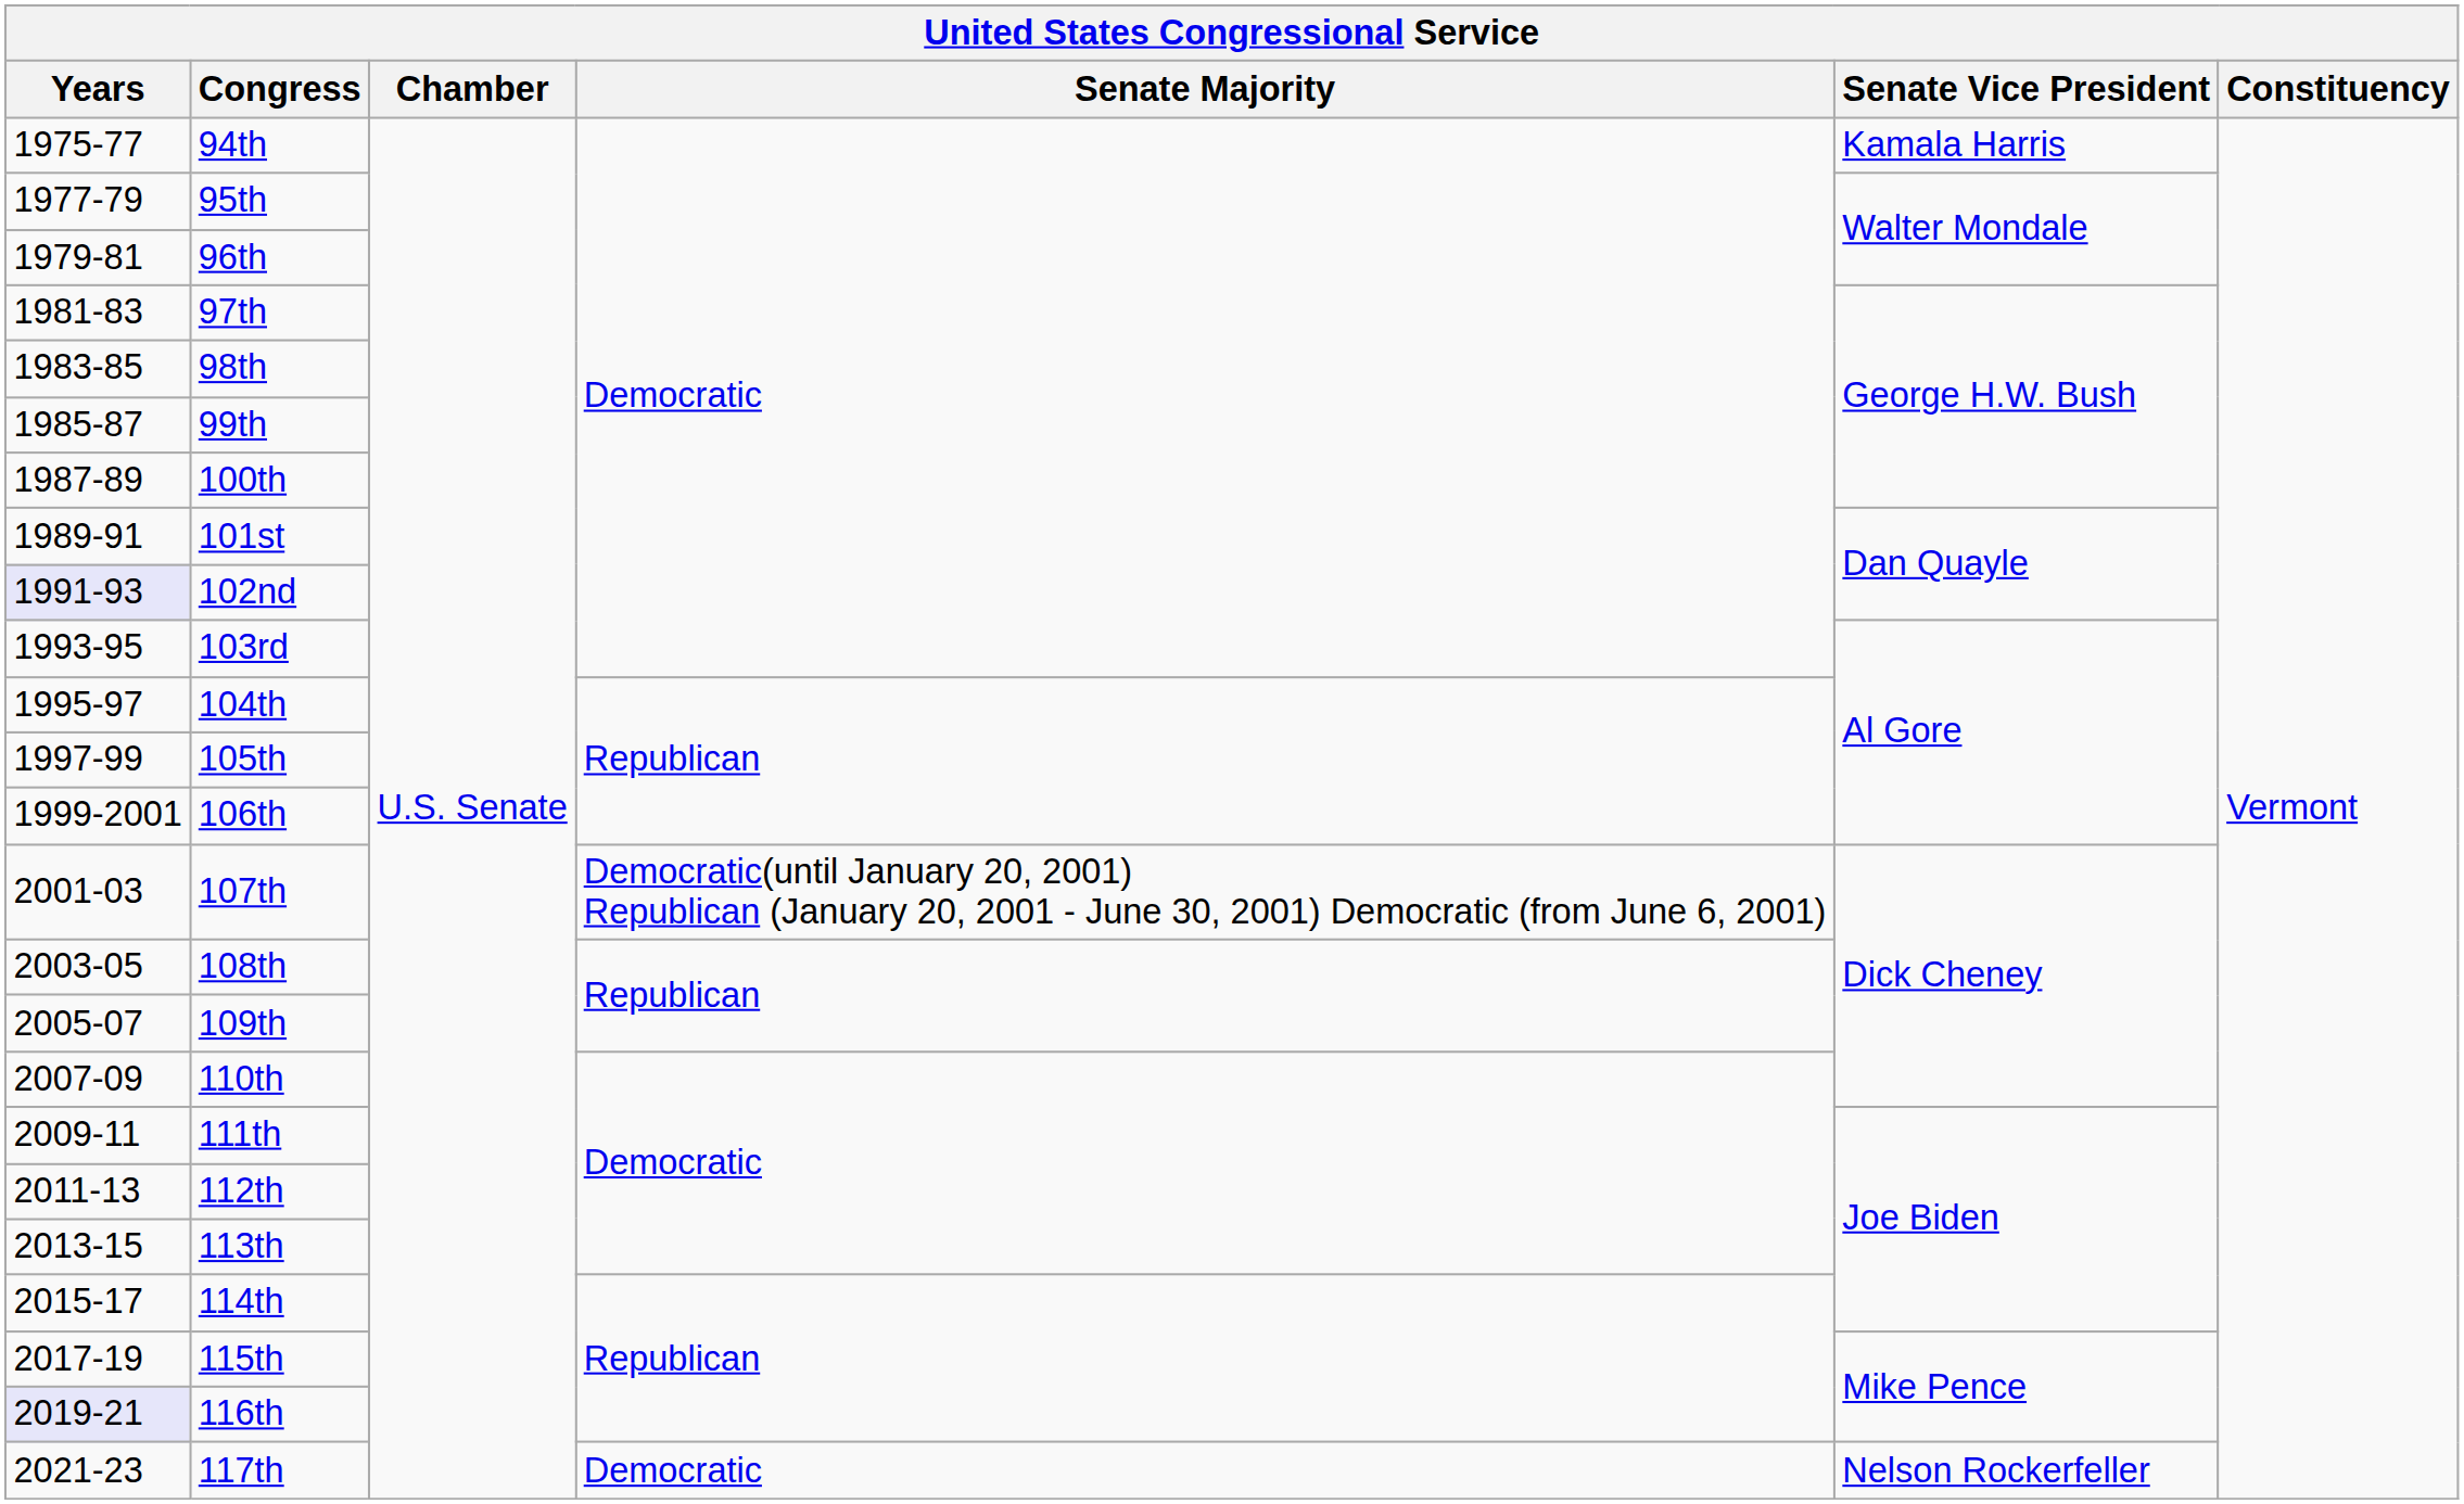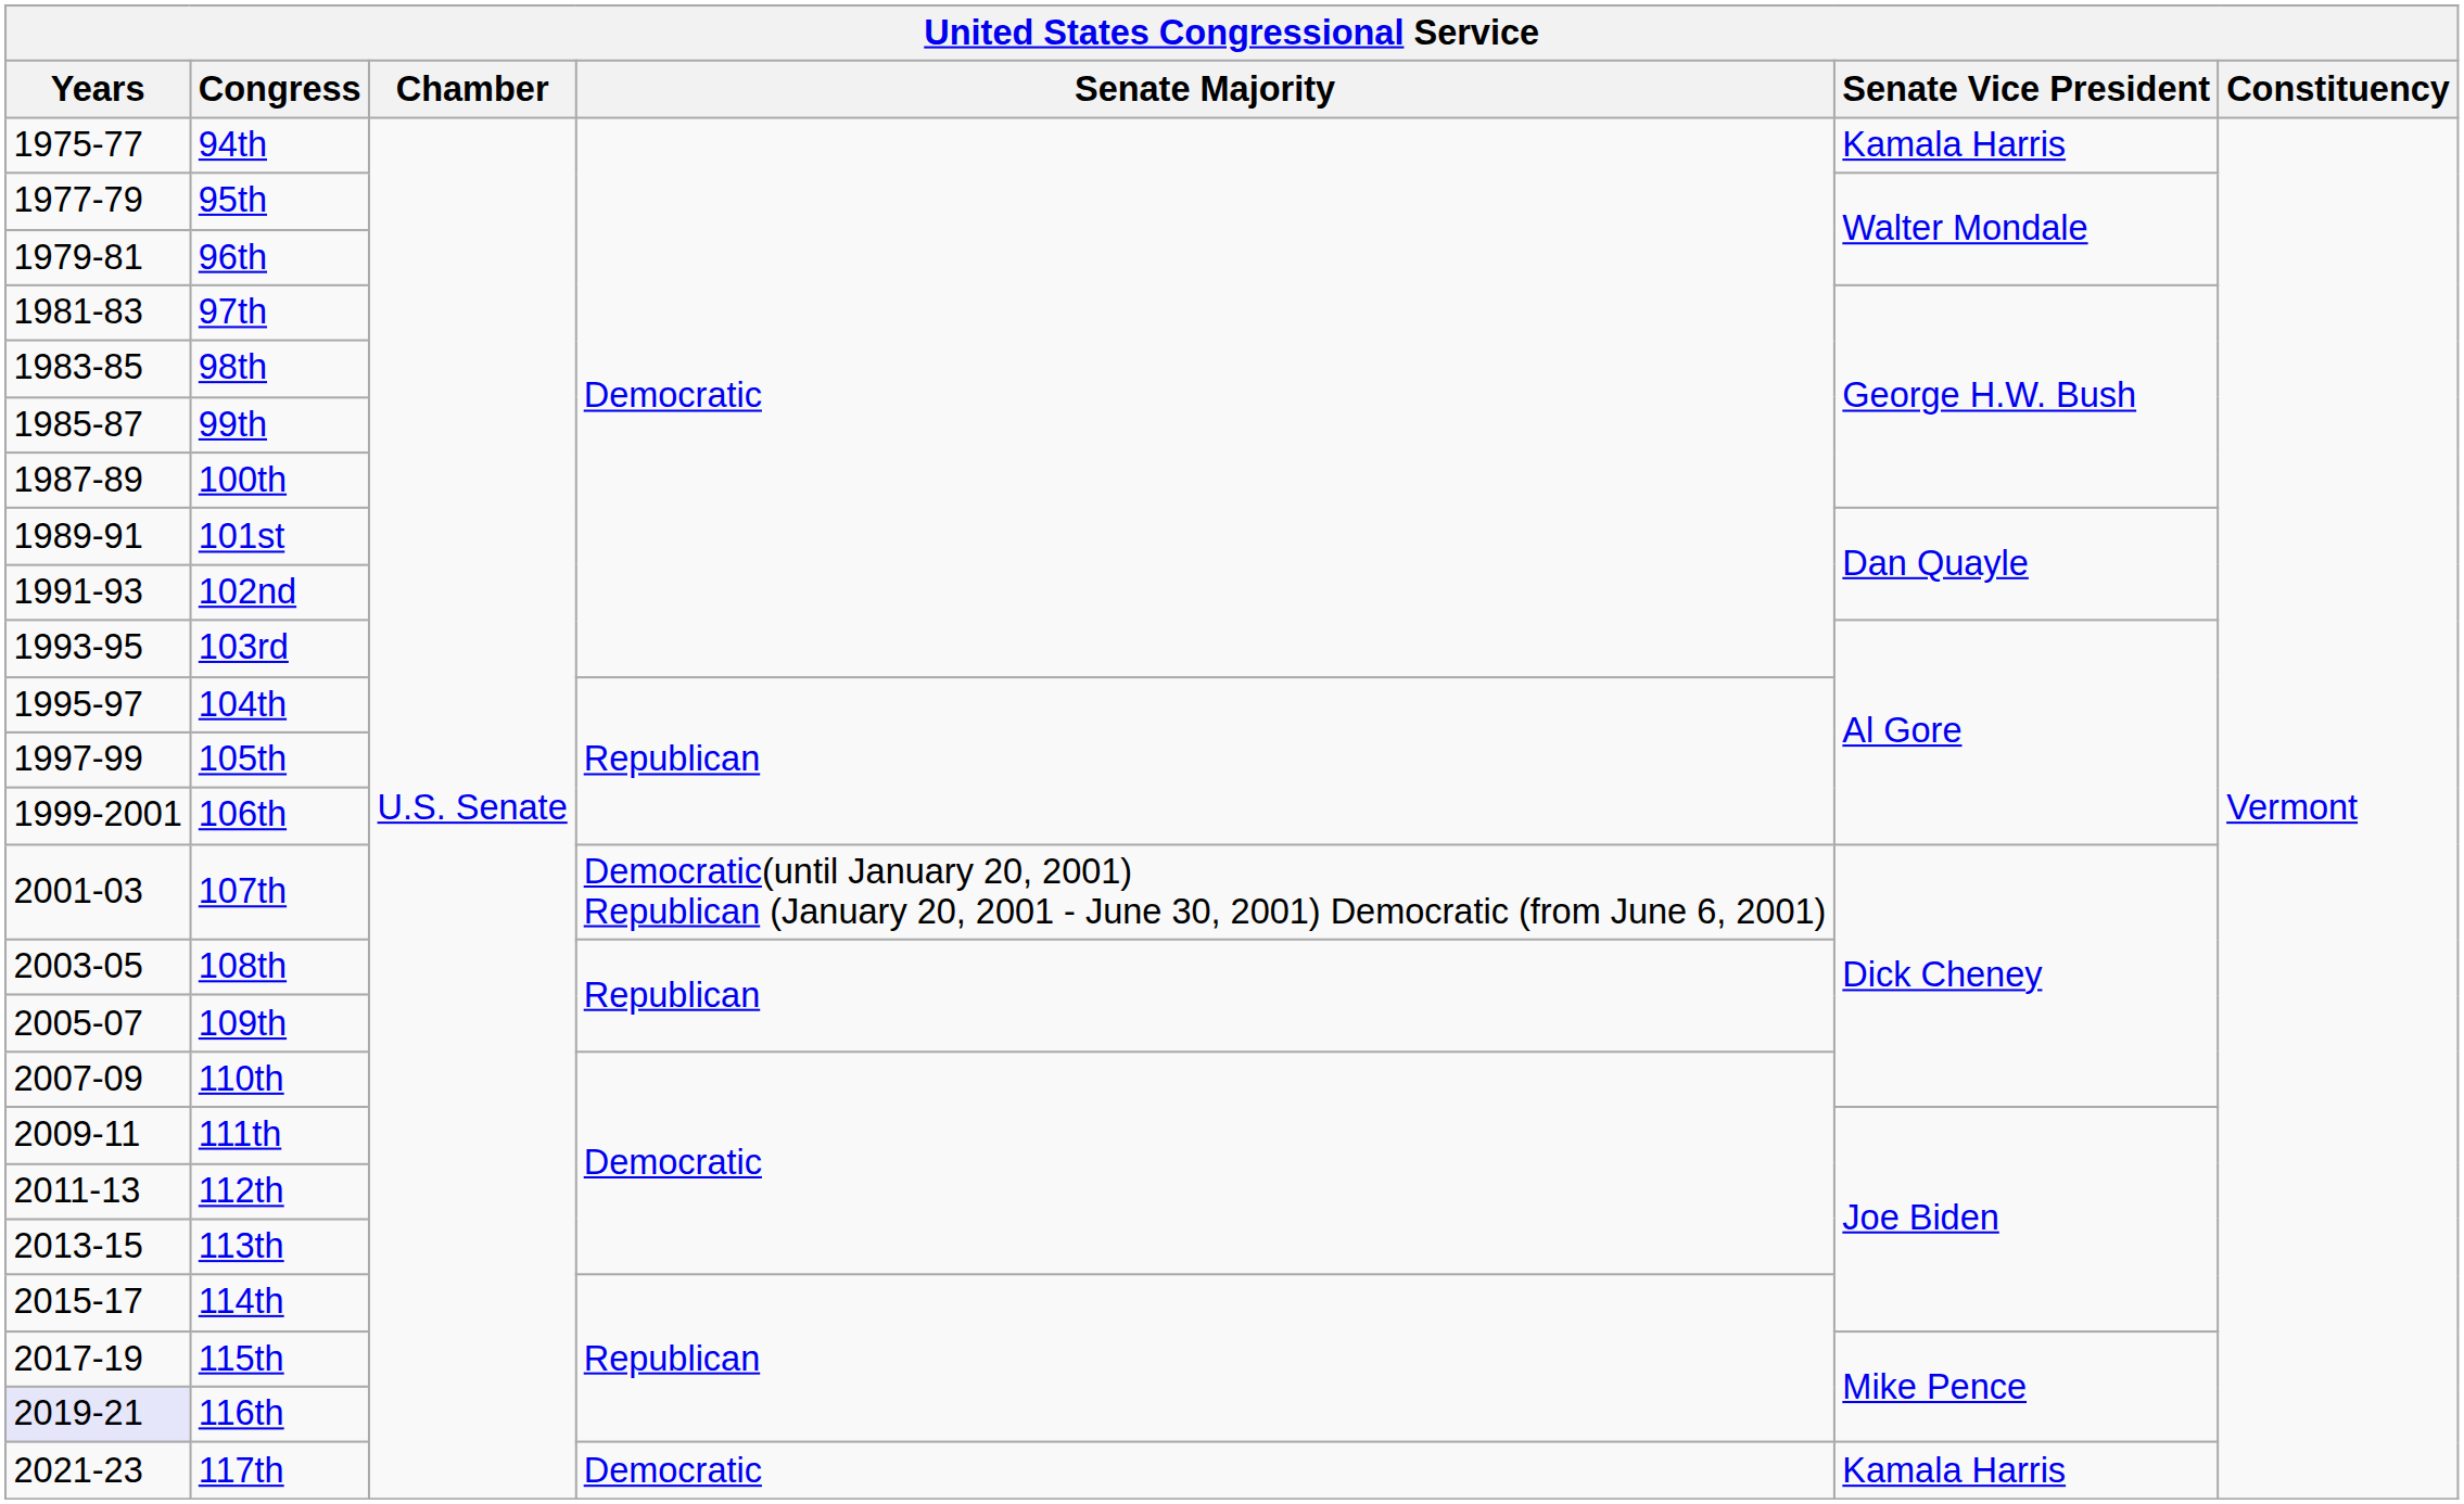 <table class="wikitable">
 <tr>
 <th colspan="6"><a href='#'>United States Congressional</a> Service</th>
 </tr>
 <tr>
 <th>Years</th>
 <th>Congress</th>
 <th>Chamber</th>
 <th>Senate Majority</th>
 <th>Senate Vice President</th>
 <th>Constituency</th>
 </tr>
 <tr>
 <td>1975-77</td>
 <td><a href='#'>94th</a></td>
 <td rowspan="24"><a href='#'>U.S. Senate</a></td>
 <td rowspan="10"><a href='#'>Democratic</a></td>
 <td><a href='#'>Kamala Harris</a></td>
 <td rowspan="24"><a href='#'>Vermont</a></td>
 </tr>
 <tr>
 <td>1977-79</td>
 <td><a href='#'>95th</a></td>
 <td rowspan="2"><a href='#'>Walter Mondale</a></td>
 </tr>
 <tr>
 <td>1979-81</td>
 <td><a href='#'>96th</a></td>
 </tr>
 <tr>
 <td>1981-83</td>
 <td><a href='#'>97th</a></td>
 <td rowspan="4"><a href='#'>George H.W. Bush</a></td>
 </tr>
 <tr>
 <td>1983-85</td>
 <td><a href='#'>98th</a></td>
 </tr>
 <tr>
 <td>1985-87</td>
 <td><a href='#'>99th</a></td>
 </tr>
 <tr>
 <td>1987-89</td>
 <td><a href='#'>100th</a></td>
 </tr>
 <tr>
 <td>1989-91</td>
 <td><a href='#'>101st</a></td>
 <td rowspan="2"><a href='#'>Dan Quayle</a></td>
 </tr>
 <tr>
-<td style="background: lavender;">1991-93</td>
+<td>1991-93</td>
 <td><a href='#'>102nd</a></td>
 </tr>
 <tr>
 <td>1993-95</td>
 <td><a href='#'>103rd</a></td>
 <td rowspan="4"><a href='#'>Al Gore</a></td>
 </tr>
 <tr>
 <td>1995-97</td>
 <td><a href='#'>104th</a></td>
 <td rowspan="3"><a href='#'>Republican</a></td>
 </tr>
 <tr>
 <td>1997-99</td>
 <td><a href='#'>105th</a></td>
 </tr>
 <tr>
 <td>1999-2001</td>
 <td><a href='#'>106th</a></td>
 </tr>
 <tr>
 <td>2001-03</td>
 <td><a href='#'>107th</a></td>
 <td><a href='#'>Democratic</a>(until January 20, 2001)<br><a href='#'>Republican</a>  (January 20, 2001 - June 30, 2001) Democratic (from June 6, 2001)</td>
 <td rowspan="4"><a href='#'>Dick Cheney</a></td>
 </tr>
 <tr>
 <td>2003-05</td>
 <td><a href='#'>108th</a></td>
 <td rowspan="2"><a href='#'>Republican</a></td>
 </tr>
 <tr>
 <td>2005-07</td>
 <td><a href='#'>109th</a></td>
 </tr>
 <tr>
 <td>2007-09</td>
 <td><a href='#'>110th</a></td>
 <td rowspan="4"><a href='#'>Democratic</a></td>
 </tr>
 <tr>
 <td>2009-11</td>
 <td><a href='#'>111th</a></td>
 <td rowspan="4"><a href='#'>Joe Biden</a></td>
 </tr>
 <tr>
 <td>2011-13</td>
 <td><a href='#'>112th</a></td>
 </tr>
 <tr>
 <td>2013-15</td>
 <td><a href='#'>113th</a></td>
 </tr>
 <tr>
 <td>2015-17</td>
 <td><a href='#'>114th</a></td>
 <td rowspan="3"><a href='#'>Republican</a></td>
 </tr>
 <tr>
 <td>2017-19</td>
 <td><a href='#'>115th</a></td>
 <td rowspan="2"><a href='#'>Mike Pence</a></td>
 </tr>
 <tr>
 <td style="background: lavender;">2019-21</td>
 <td><a href='#'>116th</a></td>
 </tr>
 <tr>
 <td>2021-23</td>
 <td><a href='#'>117th</a></td>
 <td><a href='#'>Democratic</a></td>
-<td><a href='#'>Nelson Rockerfeller</a></td>
+<td><a href='#'>Kamala Harris</a></td>
 </tr>
 </table>
